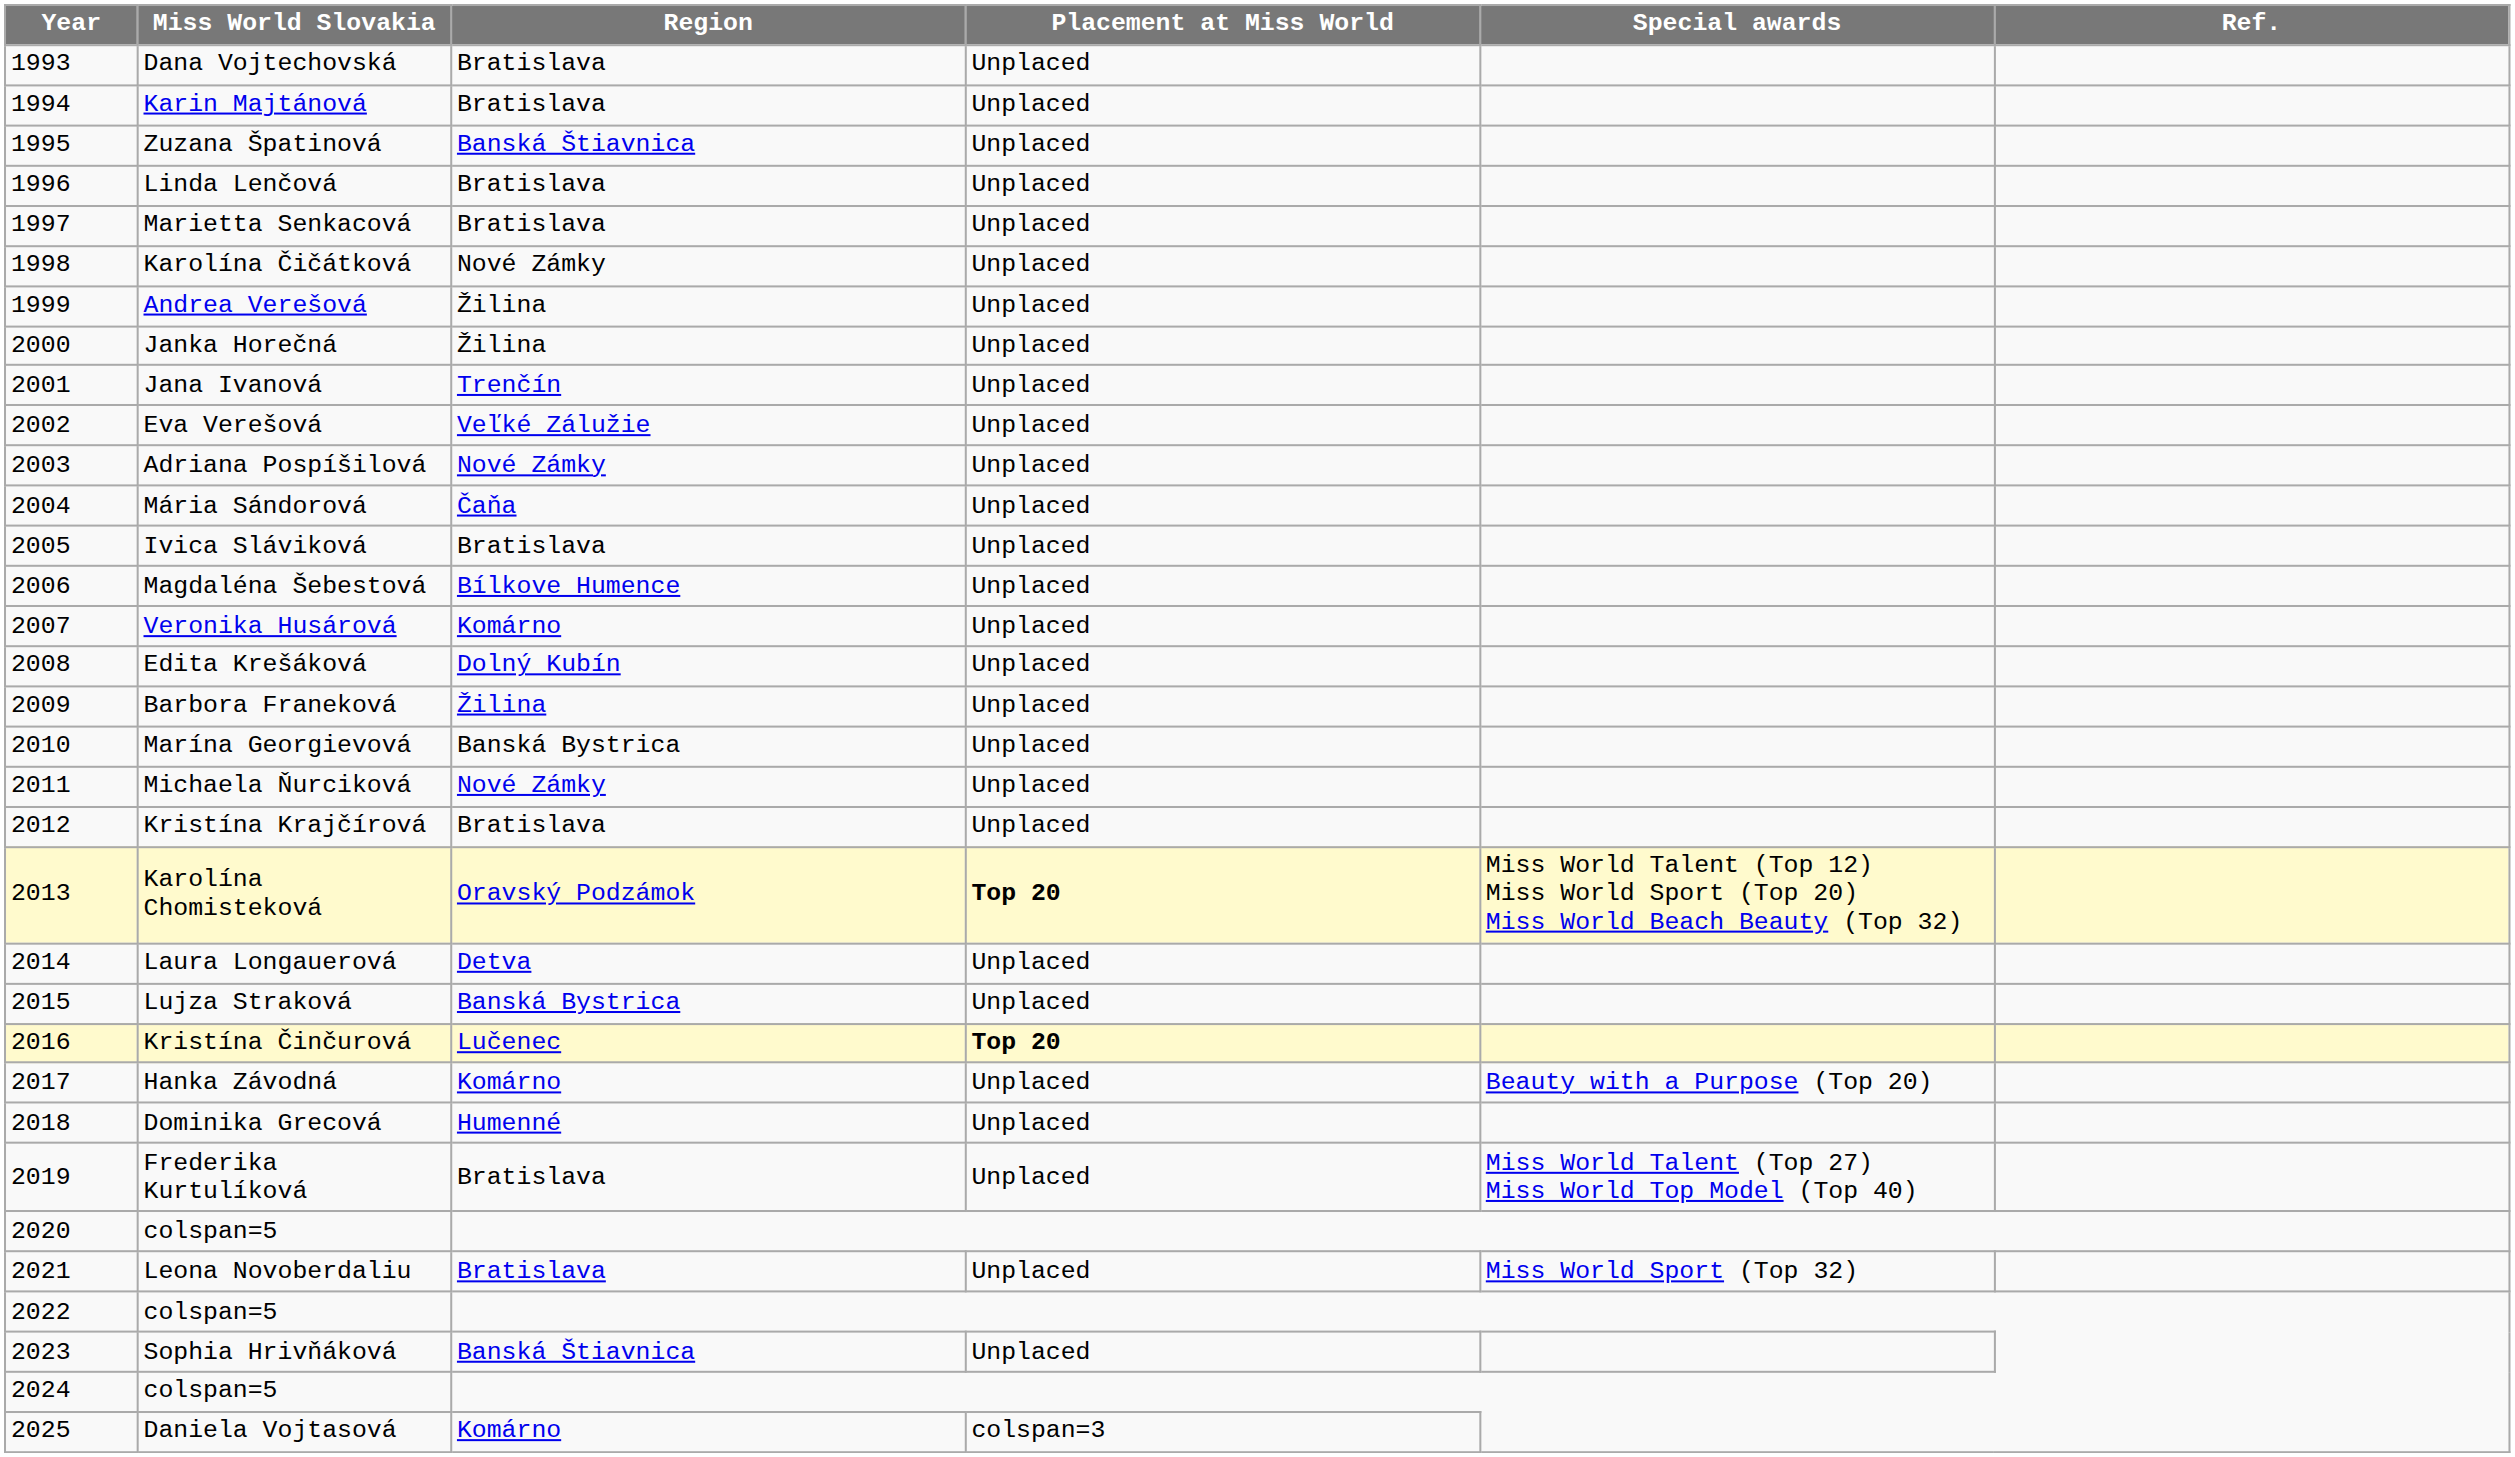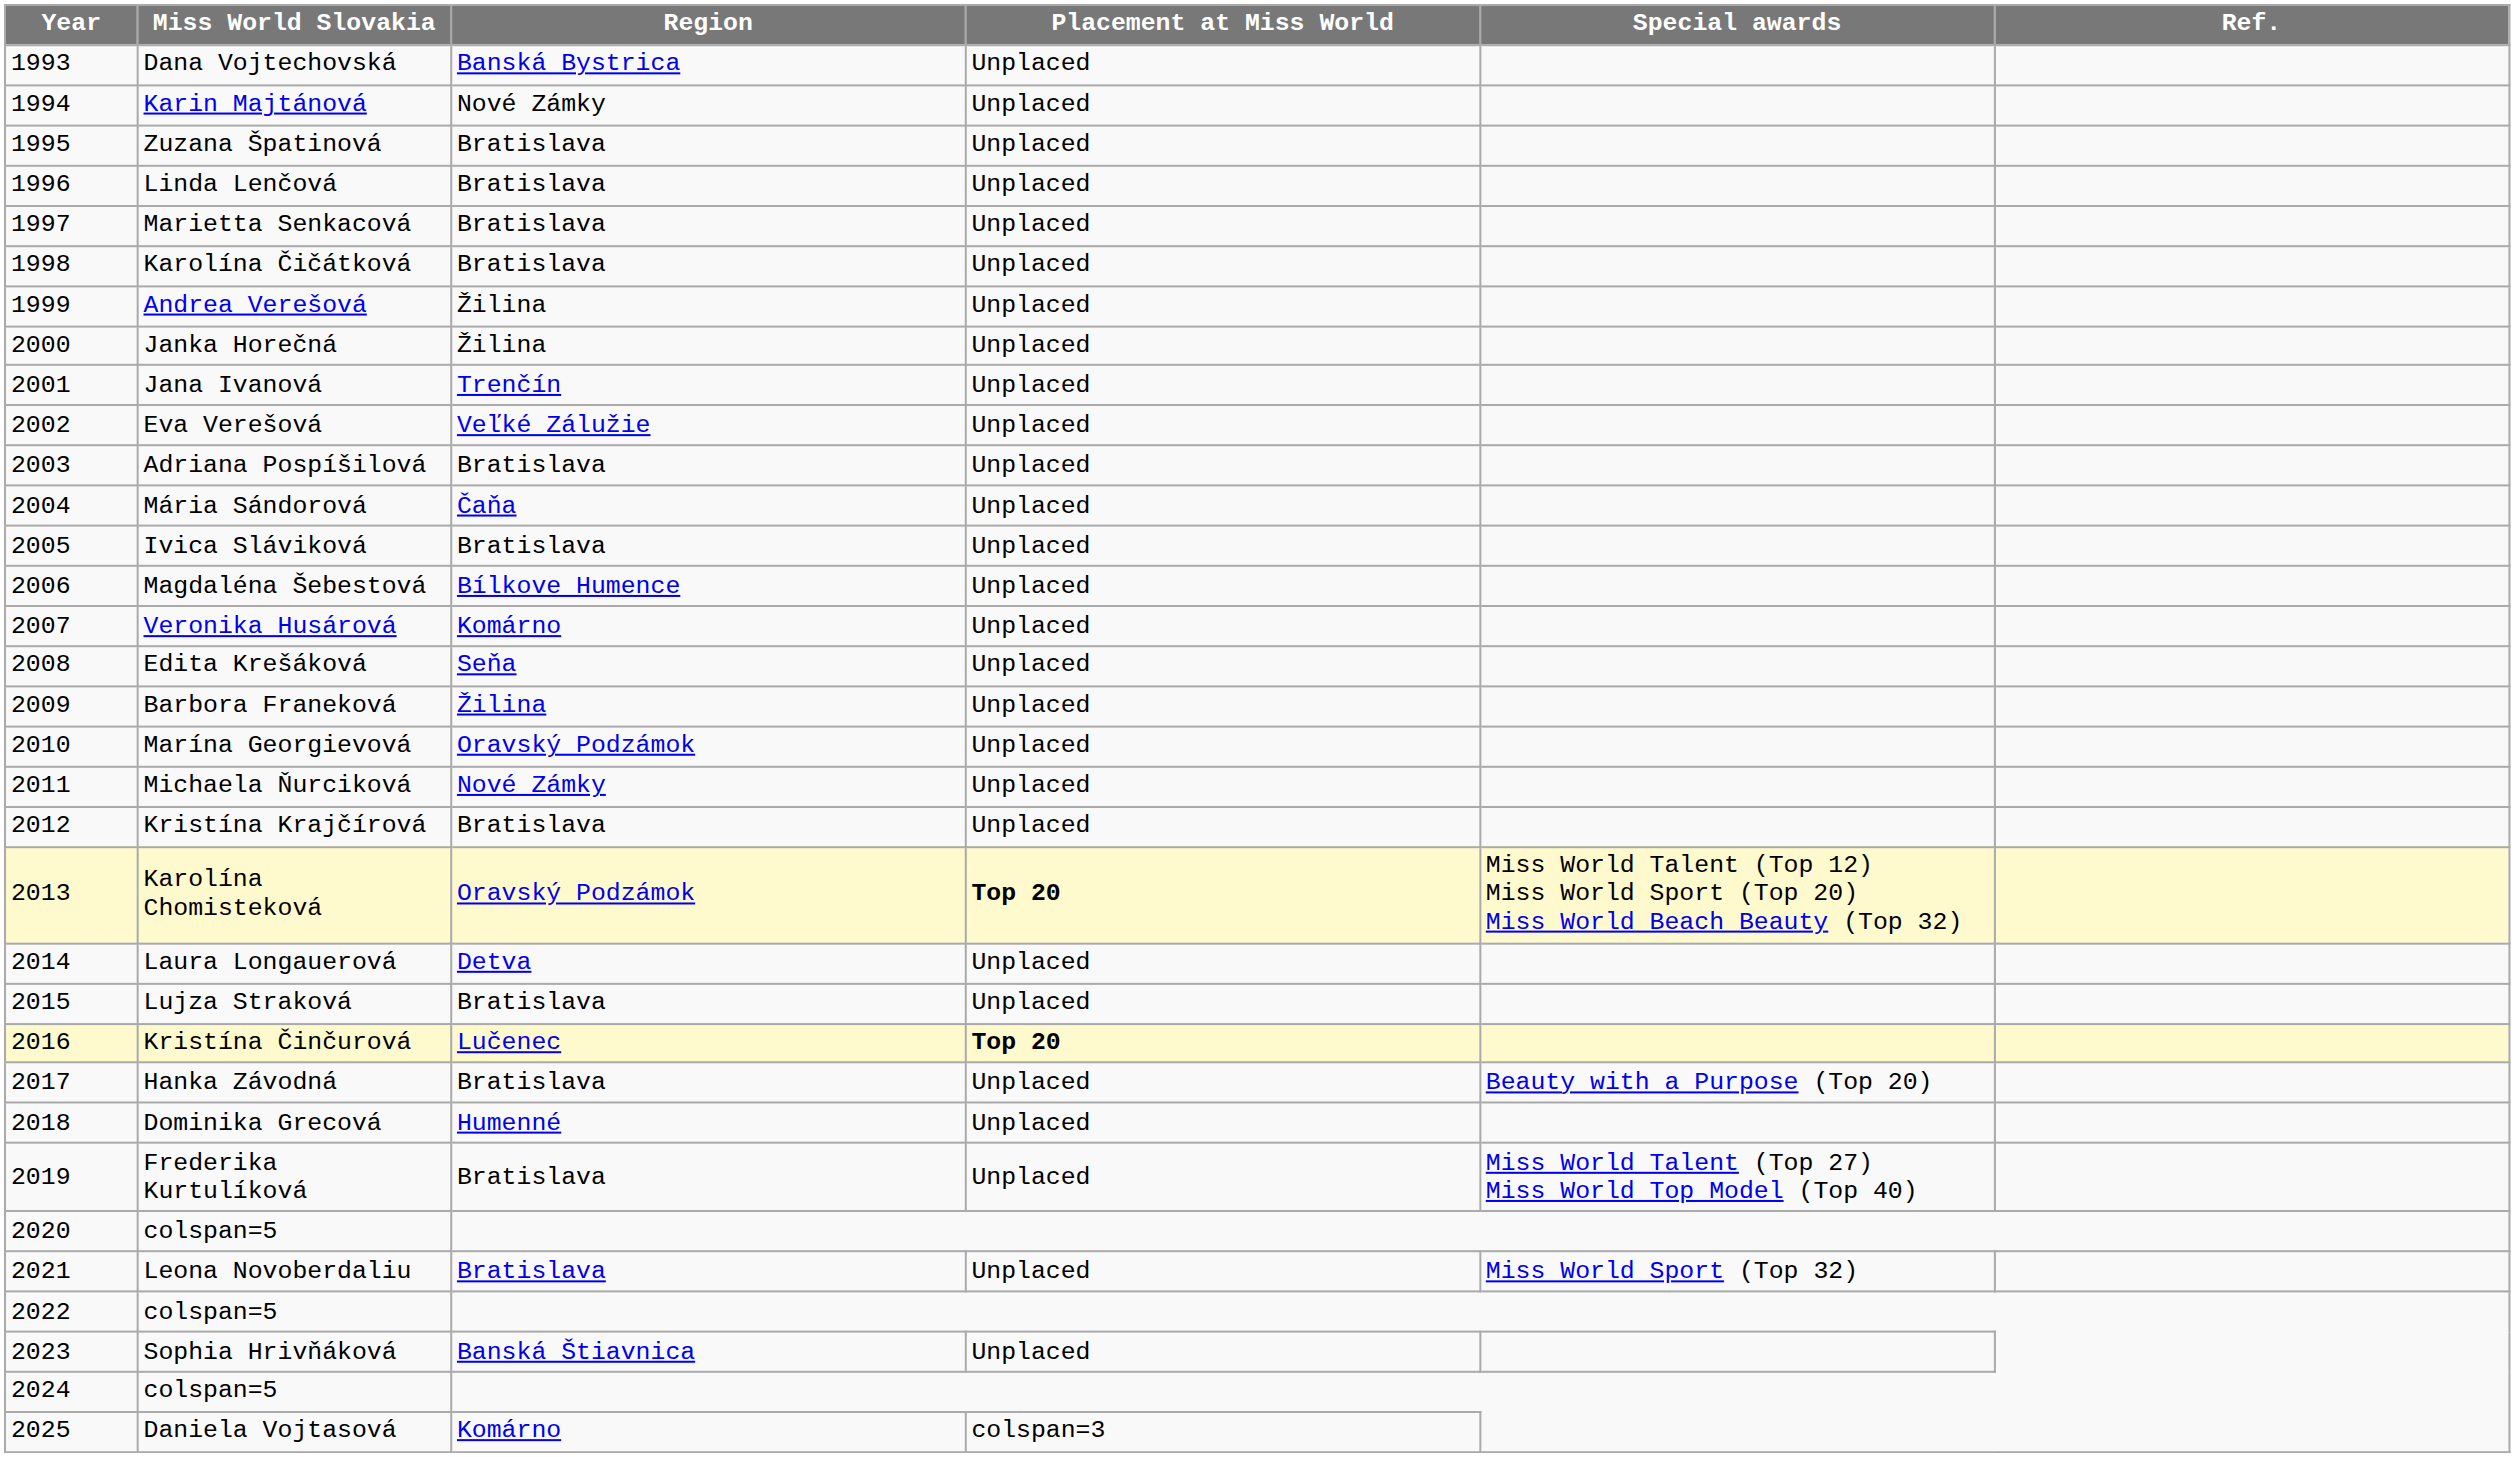 <table class="wikitable " style="font-size: 95%;">
 <tr>
 <th width="60" style="background-color:#787878;color:#FFFFFF;">Year</th>
 <th width="150" style="background-color:#787878;color:#FFFFFF;">Miss World Slovakia</th>
 <th width="250" style="background-color:#787878;color:#FFFFFF;">Region</th>
 <th width="250" style="background-color:#787878;color:#FFFFFF;">Placement at Miss World</th>
 <th width="250" style="background-color:#787878;color:#FFFFFF;">Special awards</th>
 <th width="250" style="background-color:#787878;color:#FFFFFF;">Ref.</th>
 </tr>
 <tr>
 <td>1993</td>
 <td>Dana Vojtechovská</td>
-<td>Bratislava</td>
+<td><a href='#'>Banská Bystrica</a></td>
 <td>Unplaced</td>
 <td></td>
 <td></td>
 </tr>
 <tr>
 <td>1994</td>
 <td><a href='#'>Karin Majtánová</a></td>
-<td>Bratislava</td>
+<td>Nové Zámky</td>
 <td>Unplaced</td>
 <td></td>
 <td></td>
 </tr>
 <tr>
 <td>1995</td>
 <td>Zuzana Špatinová</td>
-<td><a href='#'>Banská Štiavnica</a></td>
+<td>Bratislava</td>
 <td>Unplaced</td>
 <td></td>
 <td></td>
 </tr>
 <tr>
 <td>1996</td>
 <td>Linda Lenčová</td>
 <td>Bratislava</td>
 <td>Unplaced</td>
 <td></td>
 <td></td>
 </tr>
 <tr>
 <td>1997</td>
 <td>Marietta Senkacová</td>
 <td>Bratislava</td>
 <td>Unplaced</td>
 <td></td>
 <td></td>
 </tr>
 <tr>
 <td>1998</td>
 <td>Karolína Čičátková</td>
-<td>Nové Zámky</td>
+<td>Bratislava</td>
 <td>Unplaced</td>
 <td></td>
 <td></td>
 </tr>
 <tr>
 <td>1999</td>
 <td><a href='#'>Andrea Verešová</a></td>
 <td>Žilina</td>
 <td>Unplaced</td>
 <td></td>
 <td></td>
 </tr>
 <tr>
 <td>2000</td>
 <td>Janka Horečná</td>
 <td>Žilina</td>
 <td>Unplaced</td>
 <td></td>
 <td></td>
 </tr>
 <tr>
 <td>2001</td>
 <td>Jana Ivanová</td>
 <td><a href='#'>Trenčín</a></td>
 <td>Unplaced</td>
 <td></td>
 <td></td>
 </tr>
 <tr>
 <td>2002</td>
 <td>Eva Verešová</td>
 <td><a href='#'>Veľké Zálužie</a></td>
 <td>Unplaced</td>
 <td></td>
 <td></td>
 </tr>
 <tr>
 <td>2003</td>
 <td>Adriana Pospíšilová</td>
-<td><a href='#'>Nové Zámky</a></td>
+<td>Bratislava</td>
 <td>Unplaced</td>
 <td></td>
 <td></td>
 </tr>
 <tr>
 <td>2004</td>
 <td>Mária Sándorová</td>
 <td><a href='#'>Čaňa</a></td>
 <td>Unplaced</td>
 <td></td>
 <td></td>
 </tr>
 <tr>
 <td>2005</td>
 <td>Ivica Sláviková</td>
 <td>Bratislava</td>
 <td>Unplaced</td>
 <td></td>
 <td></td>
 </tr>
 <tr>
 <td>2006</td>
 <td>Magdaléna Šebestová</td>
 <td><a href='#'>Bílkove Humence</a></td>
 <td>Unplaced</td>
 <td></td>
 <td></td>
 </tr>
 <tr>
 <td>2007</td>
 <td><a href='#'>Veronika Husárová</a></td>
 <td><a href='#'>Komárno</a></td>
 <td>Unplaced</td>
 <td></td>
 <td></td>
 </tr>
 <tr>
 <td>2008</td>
 <td>Edita Krešáková</td>
-<td><a href='#'>Dolný Kubín</a></td>
+<td><a href='#'>Seňa</a></td>
 <td>Unplaced</td>
 <td></td>
 <td></td>
 </tr>
 <tr>
 <td>2009</td>
 <td>Barbora Franeková</td>
 <td><a href='#'>Žilina</a></td>
 <td>Unplaced</td>
 <td></td>
 <td></td>
 </tr>
 <tr>
 <td>2010</td>
 <td>Marína Georgievová</td>
-<td>Banská Bystrica</td>
+<td><a href='#'>Oravský Podzámok</a></td>
 <td>Unplaced</td>
 <td></td>
 <td></td>
 </tr>
 <tr>
 <td>2011</td>
 <td>Michaela Ňurciková</td>
 <td><a href='#'>Nové Zámky</a></td>
 <td>Unplaced</td>
 <td></td>
 <td></td>
 </tr>
 <tr>
 <td>2012</td>
 <td>Kristína Krajčírová</td>
 <td>Bratislava</td>
 <td>Unplaced</td>
 <td></td>
 <td></td>
 </tr>
 <tr style="background:#FFFACD;">
 <td>2013</td>
 <td>Karolína Chomisteková</td>
 <td><a href='#'>Oravský Podzámok</a></td>
 <td><strong>Top 20</strong></td>
 <td>Miss World Talent (Top 12)<br>Miss World Sport (Top 20)<br><a href='#'>Miss World Beach Beauty</a> (Top 32)</td>
 <td></td>
 </tr>
 <tr>
 <td>2014</td>
 <td>Laura Longauerová</td>
 <td><a href='#'>Detva</a></td>
 <td>Unplaced</td>
 <td></td>
 <td></td>
 </tr>
 <tr>
 <td>2015</td>
 <td>Lujza Straková</td>
-<td><a href='#'>Banská Bystrica</a></td>
+<td>Bratislava</td>
 <td>Unplaced</td>
 <td></td>
 <td></td>
 </tr>
 <tr style="background:#FFFACD;">
 <td>2016</td>
 <td>Kristína Činčurová</td>
 <td><a href='#'>Lučenec</a></td>
 <td><strong>Top 20</strong></td>
 <td></td>
 <td></td>
 </tr>
 <tr>
 <td>2017</td>
 <td>Hanka Závodná</td>
-<td><a href='#'>Komárno</a></td>
+<td>Bratislava</td>
 <td>Unplaced</td>
 <td><a href='#'>Beauty with a Purpose</a> (Top 20)</td>
 <td></td>
 </tr>
 <tr>
 <td>2018</td>
 <td>Dominika Grecová</td>
 <td><a href='#'>Humenné</a></td>
 <td>Unplaced</td>
 <td></td>
 <td></td>
 </tr>
 <tr>
 <td>2019</td>
 <td>Frederika Kurtulíková</td>
 <td>Bratislava</td>
 <td>Unplaced</td>
 <td><a href='#'>Miss World Talent</a> (Top 27)<br><a href='#'>Miss World Top Model</a> (Top 40)</td>
 <td></td>
 </tr>
 <tr>
 <td>2020</td>
 <td>colspan=5 </td>
 </tr>
 <tr>
 <td>2021</td>
 <td>Leona Novoberdaliu</td>
 <td><a href='#'>Bratislava</a></td>
 <td>Unplaced</td>
 <td><a href='#'>Miss World Sport</a> (Top 32)</td>
 <td></td>
 </tr>
 <tr>
 <td>2022</td>
 <td>colspan=5 </td>
 </tr>
 <tr>
 <td>2023</td>
 <td>Sophia Hrivňáková</td>
 <td><a href='#'>Banská Štiavnica</a></td>
 <td>Unplaced</td>
 <td></td>
 </tr>
 <tr>
 <td>2024</td>
 <td>colspan=5 </td>
 </tr>
 <tr>
 <td>2025</td>
 <td>Daniela Vojtasová</td>
 <td><a href='#'>Komárno</a></td>
 <td>colspan=3 </td>
 </tr>
 </table>
